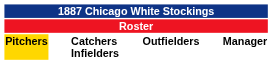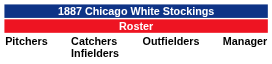 <table class="toccolours" style="font-size: 95%;">
 <tr>
 <th colspan="10" style="background-color: #0e3386; color: white; text-align: center;">1887 Chicago White Stockings</th>
 </tr>
 <tr>
 <td colspan="10" style="background-color: #EE1422; color: white; text-align: center;"><strong>Roster</strong></td>
 </tr>
 <tr>
-<td valign="top" style="background: gold;"><strong>Pitchers</strong><br>   </td>
+<td valign="top"><strong>Pitchers</strong><br>   </td>
 <td width="25px"></td>
 <td valign="top"><strong>Catchers</strong><br>  <strong>Infielders</strong>      </td>
 <td width="25px"></td>
 <td valign="top"><strong>Outfielders</strong><br>      </td>
 <td width="25px"></td>
 <td valign="top"><strong>Manager</strong><br></td>
 </tr>
 <tr>
 </tr>
 </table>
